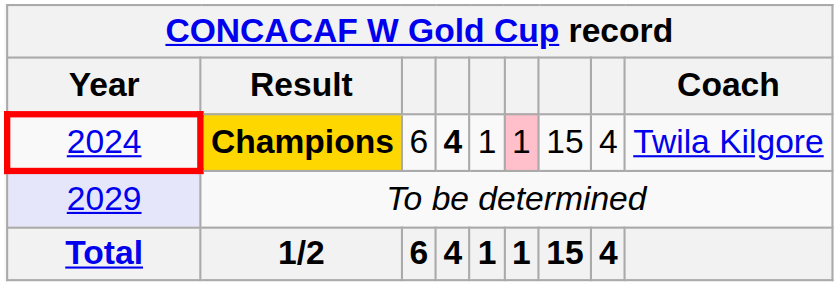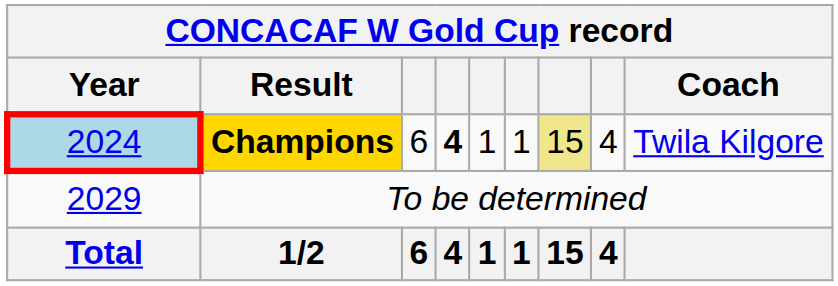 <table class="wikitable"  style="text-align:center;">
 <tr>
 <th colspan=9><a href='#'>CONCACAF W Gold Cup</a> record</th>
 </tr>
 <tr>
 <th width=85>Year</th>
 <th>Result</th>
 <th></th>
 <th></th>
 <th></th>
 <th></th>
 <th></th>
 <th></th>
 <th>Coach</th>
 </tr>
 <tr>
-<td style="border: 3px solid red"> <a href='#'>2024</a></td>
+<td style="background: lightblue; border: 3px solid red"> <a href='#'>2024</a></td>
 <td style="background:gold;"><strong>Champions</strong></td>
 <td>6</td>
 <td><strong>4</strong></td>
 <td>1</td>
-<td style="background: pink;">1</td>
-<td>15</td>
+<td>1</td>
+<td style="background: khaki;">15</td>
 <td>4</td>
 <td><a href='#'>Twila Kilgore</a></td>
 </tr>
 <tr>
-<td style="background: lavender;"> <a href='#'>2029</a></td>
+<td> <a href='#'>2029</a></td>
 <td colspan=8><em>To be determined</em> </td>
 </tr>
 <tr>
 <th><a href='#'>Total</a></th>
 <th>1/2</th>
 <th>6</th>
 <th>4</th>
 <th>1</th>
 <th>1</th>
 <th>15</th>
 <th>4</th>
 <th></th>
 </tr>
 </table>
